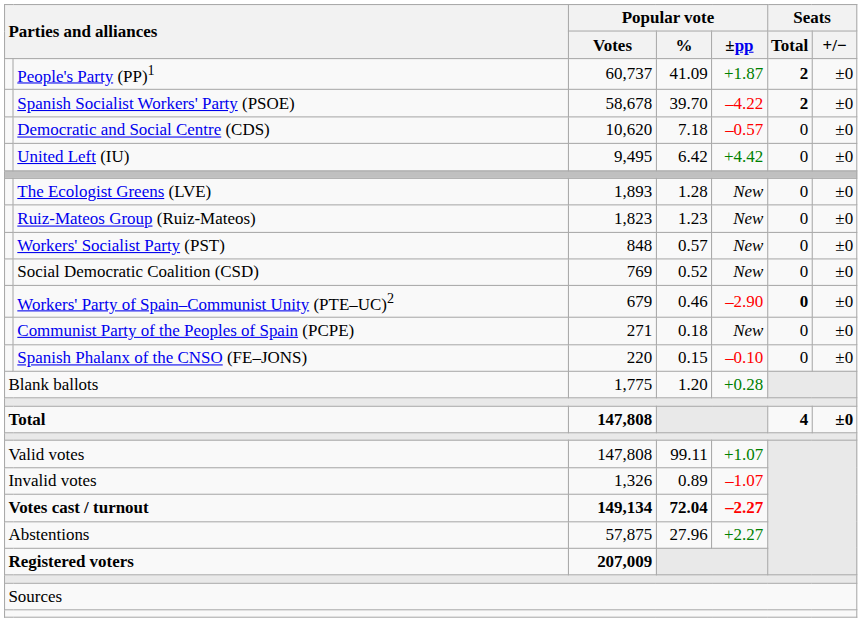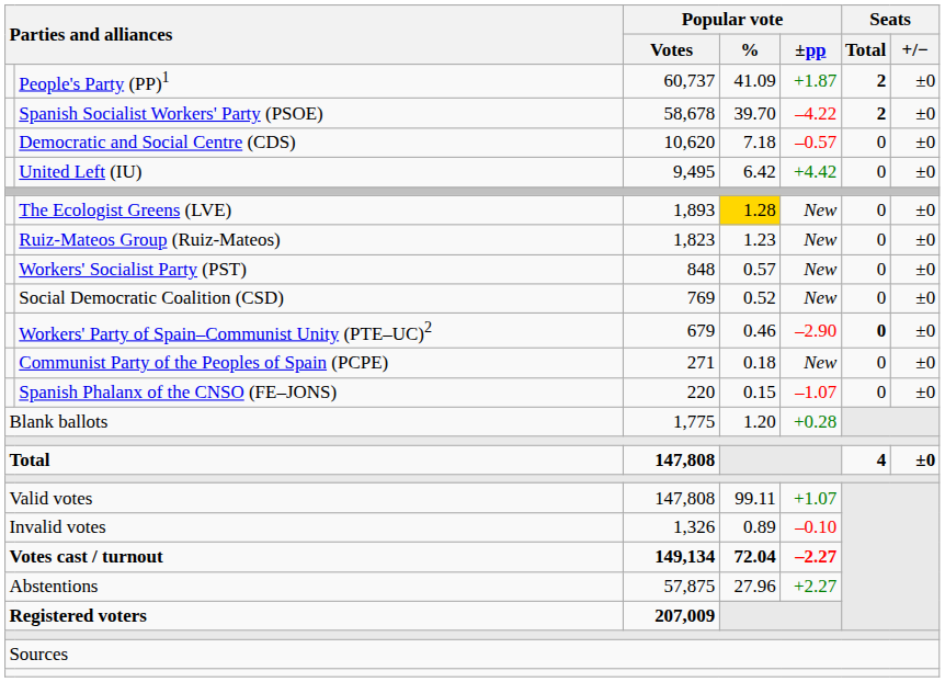 <table class="wikitable" style="text-align:right;">
 <tr>
 <th style="text-align:left;" rowspan="2" colspan="2" width="525">Parties and alliances</th>
 <th colspan="3">Popular vote</th>
 <th colspan="2">Seats</th>
 </tr>
 <tr>
 <th width="75">Votes</th>
 <th width="45">%</th>
 <th width="45">±<a href='#'>pp</a></th>
 <th width="35">Total</th>
 <th width="35">+/−</th>
 </tr>
 <tr>
 <td style="color:inherit;background:"></td>
 <td align="left"><a href='#'>People's Party</a> (PP)<sup>1</sup></td>
 <td>60,737</td>
 <td>41.09</td>
 <td style="color:green;">+1.87</td>
 <td><strong>2</strong></td>
 <td>±0</td>
 </tr>
 <tr>
 <td width="1" style="color:inherit;background:"></td>
 <td align="left"><a href='#'>Spanish Socialist Workers' Party</a> (PSOE)</td>
 <td>58,678</td>
 <td>39.70</td>
 <td style="color:red;">–4.22</td>
 <td><strong>2</strong></td>
 <td>±0</td>
 </tr>
 <tr>
 <td style="color:inherit;background:"></td>
 <td align="left"><a href='#'>Democratic and Social Centre</a> (CDS)</td>
 <td>10,620</td>
 <td>7.18</td>
 <td style="color:red;">–0.57</td>
 <td>0</td>
 <td>±0</td>
 </tr>
 <tr>
 <td style="color:inherit;background:"></td>
 <td align="left"><a href='#'>United Left</a> (IU)</td>
 <td>9,495</td>
 <td>6.42</td>
 <td style="color:green;">+4.42</td>
 <td>0</td>
 <td>±0</td>
 </tr>
 <tr>
 <td colspan="7" bgcolor="#C0C0C0"></td>
 </tr>
 <tr>
 <td style="color:inherit;background:"></td>
 <td align="left"><a href='#'>The Ecologist Greens</a> (LVE)</td>
 <td>1,893</td>
-<td>1.28</td>
+<td style="background: gold;">1.28</td>
 <td><em>New</em></td>
 <td>0</td>
 <td>±0</td>
 </tr>
 <tr>
 <td style="color:inherit;background:"></td>
 <td align="left"><a href='#'>Ruiz-Mateos Group</a> (Ruiz-Mateos)</td>
 <td>1,823</td>
 <td>1.23</td>
 <td><em>New</em></td>
 <td>0</td>
 <td>±0</td>
 </tr>
 <tr>
 <td style="color:inherit;background:"></td>
 <td align="left"><a href='#'>Workers' Socialist Party</a> (PST)</td>
 <td>848</td>
 <td>0.57</td>
 <td><em>New</em></td>
 <td>0</td>
 <td>±0</td>
 </tr>
 <tr>
 <td style="color:inherit;background:"></td>
 <td align="left">Social Democratic Coalition (CSD)</td>
 <td>769</td>
 <td>0.52</td>
 <td><em>New</em></td>
 <td>0</td>
 <td>±0</td>
 </tr>
 <tr>
 <td style="color:inherit;background:"></td>
 <td align="left"><a href='#'>Workers' Party of Spain–Communist Unity</a> (PTE–UC)<sup>2</sup></td>
 <td>679</td>
 <td>0.46</td>
 <td style="color:red;">–2.90</td>
 <td><strong>0</strong></td>
 <td>±0</td>
 </tr>
 <tr>
 <td style="color:inherit;background:"></td>
 <td align="left"><a href='#'>Communist Party of the Peoples of Spain</a> (PCPE)</td>
 <td>271</td>
 <td>0.18</td>
 <td><em>New</em></td>
 <td>0</td>
 <td>±0</td>
 </tr>
 <tr>
 <td style="color:inherit;background:"></td>
 <td align="left"><a href='#'>Spanish Phalanx of the CNSO</a> (FE–JONS)</td>
 <td>220</td>
 <td>0.15</td>
-<td style="color:red;">–0.10</td>
+<td style="color:red;">–1.07</td>
 <td>0</td>
 <td>±0</td>
 </tr>
 <tr>
 <td align="left" colspan="2">Blank ballots</td>
 <td>1,775</td>
 <td>1.20</td>
 <td style="color:green;">+0.28</td>
 <td bgcolor="#E9E9E9" colspan="2"></td>
 </tr>
 <tr>
 <td colspan="7" bgcolor="#E9E9E9"></td>
 </tr>
 <tr style="font-weight:bold;">
 <td align="left" colspan="2">Total</td>
 <td>147,808</td>
 <td bgcolor="#E9E9E9" colspan="2"></td>
 <td>4</td>
 <td>±0</td>
 </tr>
 <tr>
 <td colspan="7" bgcolor="#E9E9E9"></td>
 </tr>
 <tr>
 <td align="left" colspan="2">Valid votes</td>
 <td>147,808</td>
 <td>99.11</td>
 <td style="color:green;">+1.07</td>
 <td bgcolor="#E9E9E9" colspan="2" rowspan="5"></td>
 </tr>
 <tr>
 <td align="left" colspan="2">Invalid votes</td>
 <td>1,326</td>
 <td>0.89</td>
-<td style="color:red;">–1.07</td>
+<td style="color:red;">–0.10</td>
 </tr>
 <tr style="font-weight:bold;">
 <td align="left" colspan="2">Votes cast / turnout</td>
 <td>149,134</td>
 <td>72.04</td>
 <td style="color:red;">–2.27</td>
 </tr>
 <tr>
 <td align="left" colspan="2">Abstentions</td>
 <td>57,875</td>
 <td>27.96</td>
 <td style="color:green;">+2.27</td>
 </tr>
 <tr style="font-weight:bold;">
 <td align="left" colspan="2">Registered voters</td>
 <td>207,009</td>
 <td bgcolor="#E9E9E9" colspan="2"></td>
 </tr>
 <tr>
 <td colspan="7" bgcolor="#E9E9E9"></td>
 </tr>
 <tr>
 <td align="left" colspan="7">Sources</td>
 </tr>
 <tr>
 <td colspan="7" style="text-align:left; max-width:790px;"></td>
 </tr>
 </table>
